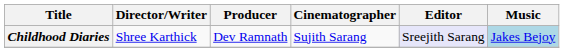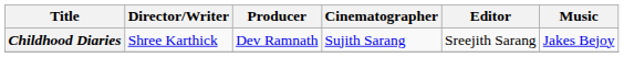 <table class="wikitable plainrowheaders sortable">
 <tr>
 <th scope="col">Title</th>
 <th scope="col">Director/Writer</th>
 <th scope="col">Producer</th>
 <th scope="col">Cinematographer</th>
 <th scope="col">Editor</th>
 <th scope="col">Music</th>
 </tr>
 <tr>
 <th scope="row"><em>Childhood Diaries</em></th>
 <td><a href='#'>Shree Karthick</a></td>
 <td><a href='#'>Dev Ramnath</a></td>
 <td><a href='#'>Sujith Sarang</a></td>
-<td style="background: lavender;">Sreejith Sarang</td>
-<td style="background: lightblue;"><a href='#'>Jakes Bejoy</a></td>
+<td>Sreejith Sarang</td>
+<td><a href='#'>Jakes Bejoy</a></td>
 </tr>
 <tr>
 </tr>
 </table>
